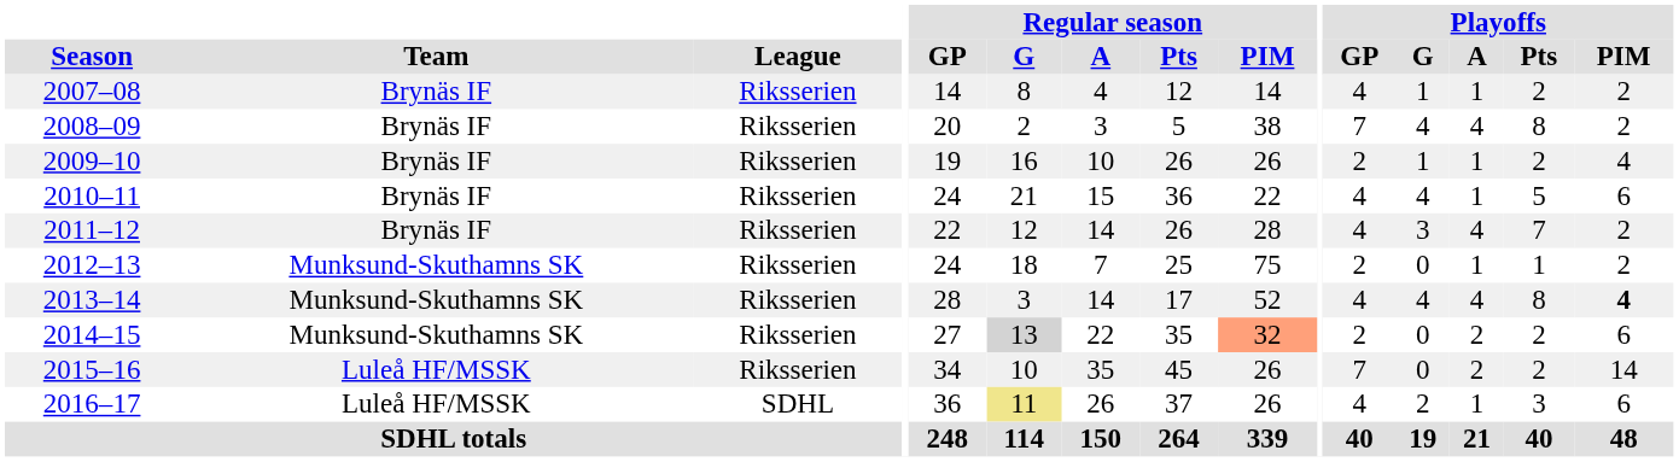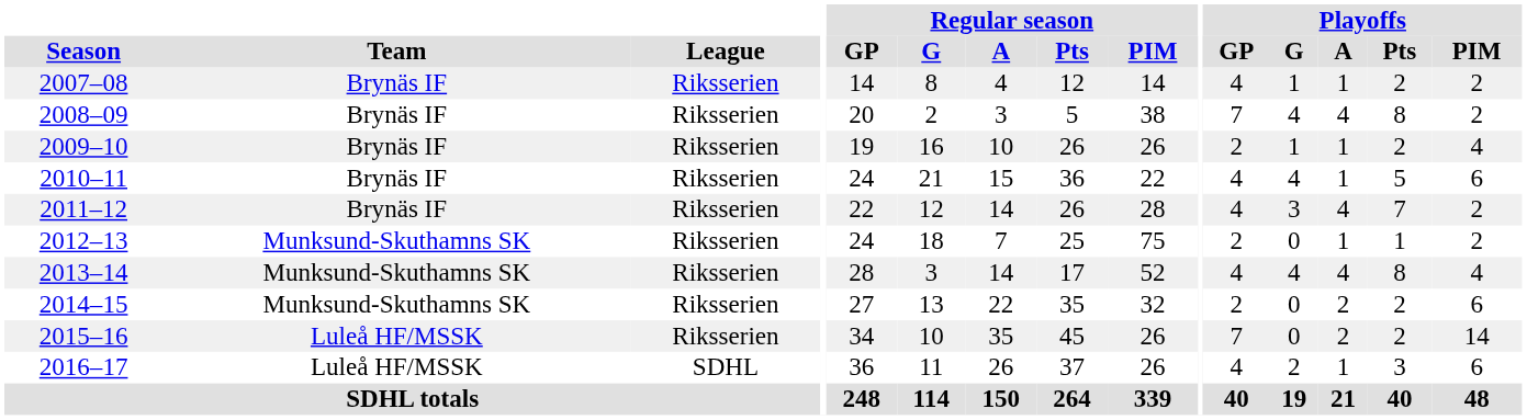 <table border="0" cellpadding="1" cellspacing="0" style="text-align:center; width:60em">
 <tr bgcolor="#e0e0e0">
 <th colspan="3" bgcolor="#ffffff"></th>
 <th rowspan="100" bgcolor="#ffffff"></th>
 <th colspan="5"><a href='#'>Regular season</a></th>
 <th rowspan="100" bgcolor="#ffffff"></th>
 <th colspan="5"><a href='#'>Playoffs</a></th>
 </tr>
 <tr bgcolor="#e0e0e0">
 <th><a href='#'>Season</a></th>
 <th>Team</th>
 <th>League</th>
 <th>GP</th>
 <th><a href='#'>G</a></th>
 <th><a href='#'>A</a></th>
 <th><a href='#'>Pts</a></th>
 <th><a href='#'>PIM</a></th>
 <th>GP</th>
 <th>G</th>
 <th>A</th>
 <th>Pts</th>
 <th>PIM</th>
 </tr>
 <tr style="background:#f0f0f0;">
 <td><a href='#'>2007–08</a></td>
 <td><a href='#'>Brynäs IF</a></td>
 <td><a href='#'>Riksserien</a></td>
 <td>14</td>
 <td>8</td>
 <td>4</td>
 <td>12</td>
 <td>14</td>
 <td>4</td>
 <td>1</td>
 <td>1</td>
 <td>2</td>
 <td>2</td>
 </tr>
 <tr>
 <td><a href='#'>2008–09</a></td>
 <td>Brynäs IF</td>
 <td>Riksserien</td>
 <td>20</td>
 <td>2</td>
 <td>3</td>
 <td>5</td>
 <td>38</td>
 <td>7</td>
 <td>4</td>
 <td>4</td>
 <td>8</td>
 <td>2</td>
 </tr>
 <tr style="background:#f0f0f0;">
 <td><a href='#'>2009–10</a></td>
 <td>Brynäs IF</td>
 <td>Riksserien</td>
 <td>19</td>
 <td>16</td>
 <td>10</td>
 <td>26</td>
 <td>26</td>
 <td>2</td>
 <td>1</td>
 <td>1</td>
 <td>2</td>
 <td>4</td>
 </tr>
 <tr>
 <td><a href='#'>2010–11</a></td>
 <td>Brynäs IF</td>
 <td>Riksserien</td>
 <td>24</td>
 <td>21</td>
 <td>15</td>
 <td>36</td>
 <td>22</td>
 <td>4</td>
 <td>4</td>
 <td>1</td>
 <td>5</td>
 <td>6</td>
 </tr>
 <tr style="background:#f0f0f0;">
 <td><a href='#'>2011–12</a></td>
 <td>Brynäs IF</td>
 <td>Riksserien</td>
 <td>22</td>
 <td>12</td>
 <td>14</td>
 <td>26</td>
 <td>28</td>
 <td>4</td>
 <td>3</td>
 <td>4</td>
 <td>7</td>
 <td>2</td>
 </tr>
 <tr>
 <td><a href='#'>2012–13</a></td>
 <td><a href='#'>Munksund-Skuthamns SK</a></td>
 <td>Riksserien</td>
 <td>24</td>
 <td>18</td>
 <td>7</td>
 <td>25</td>
 <td>75</td>
 <td>2</td>
 <td>0</td>
 <td>1</td>
 <td>1</td>
 <td>2</td>
 </tr>
 <tr style="background:#f0f0f0;">
 <td><a href='#'>2013–14</a></td>
 <td>Munksund-Skuthamns SK</td>
 <td>Riksserien</td>
 <td>28</td>
 <td>3</td>
 <td>14</td>
 <td>17</td>
 <td>52</td>
 <td>4</td>
 <td>4</td>
 <td>4</td>
 <td>8</td>
-<td><strong>4</strong></td>
+<td>4</td>
 </tr>
 <tr>
 <td><a href='#'>2014–15</a></td>
 <td>Munksund-Skuthamns SK</td>
 <td>Riksserien</td>
 <td>27</td>
-<td style="background: lightgrey;">13</td>
+<td>13</td>
 <td>22</td>
 <td>35</td>
-<td style="background: lightsalmon;">32</td>
+<td>32</td>
 <td>2</td>
 <td>0</td>
 <td>2</td>
 <td>2</td>
 <td>6</td>
 </tr>
 <tr style="background:#f0f0f0;">
 <td><a href='#'>2015–16</a></td>
 <td><a href='#'>Luleå HF/MSSK</a></td>
 <td>Riksserien</td>
 <td>34</td>
 <td>10</td>
 <td>35</td>
 <td>45</td>
 <td>26</td>
 <td>7</td>
 <td>0</td>
 <td>2</td>
 <td>2</td>
 <td>14</td>
 </tr>
 <tr>
 <td><a href='#'>2016–17</a></td>
 <td>Luleå HF/MSSK</td>
 <td>SDHL</td>
 <td>36</td>
-<td style="background: khaki;">11</td>
+<td>11</td>
 <td>26</td>
 <td>37</td>
 <td>26</td>
 <td>4</td>
 <td>2</td>
 <td>1</td>
 <td>3</td>
 <td>6</td>
 </tr>
 <tr style="text-align:center; background:#e0e0e0;">
 <th colspan="3">SDHL totals</th>
 <th>248</th>
 <th>114</th>
 <th>150</th>
 <th>264</th>
 <th>339</th>
 <th>40</th>
 <th>19</th>
 <th>21</th>
 <th>40</th>
 <th>48</th>
 </tr>
 </table>
